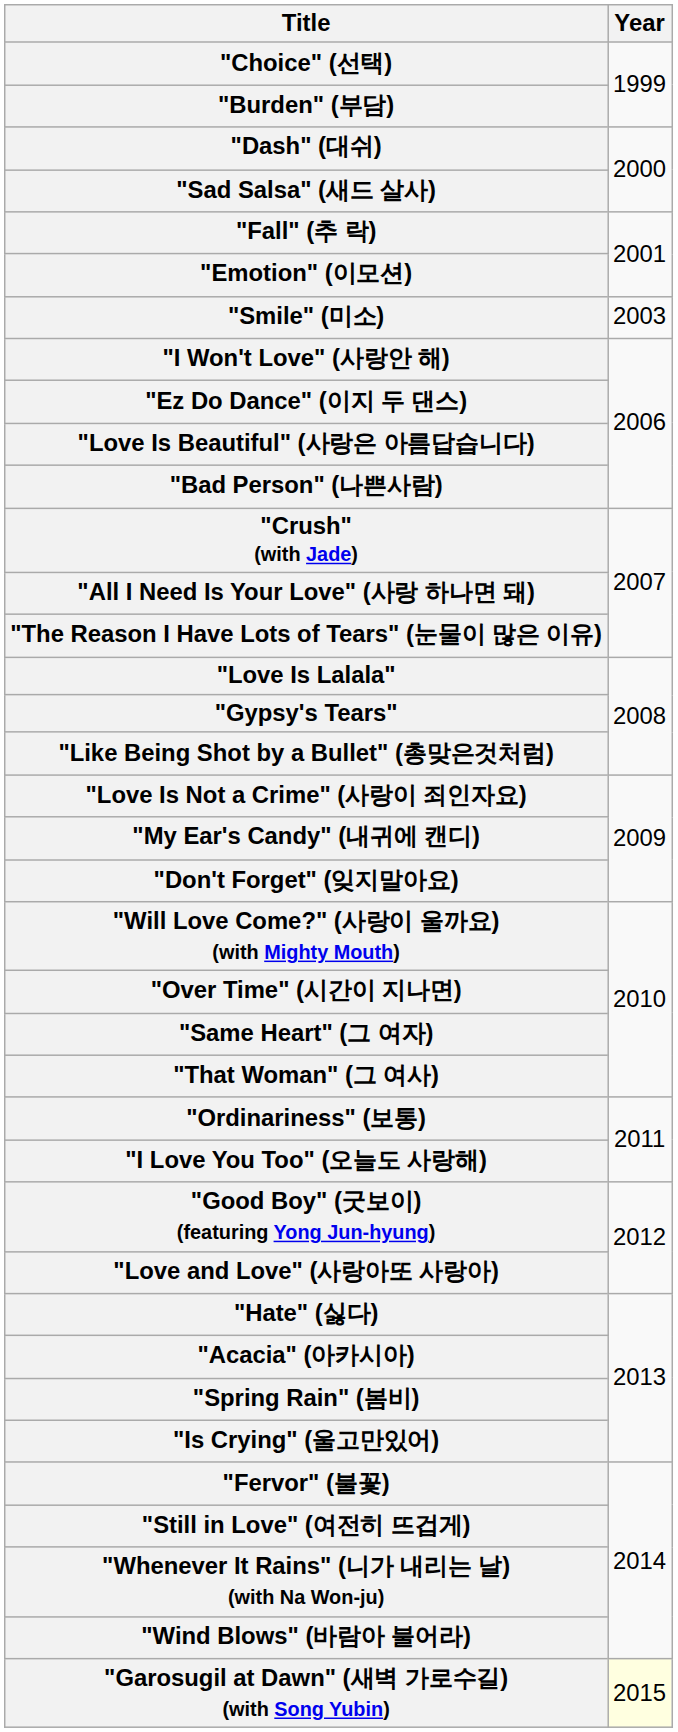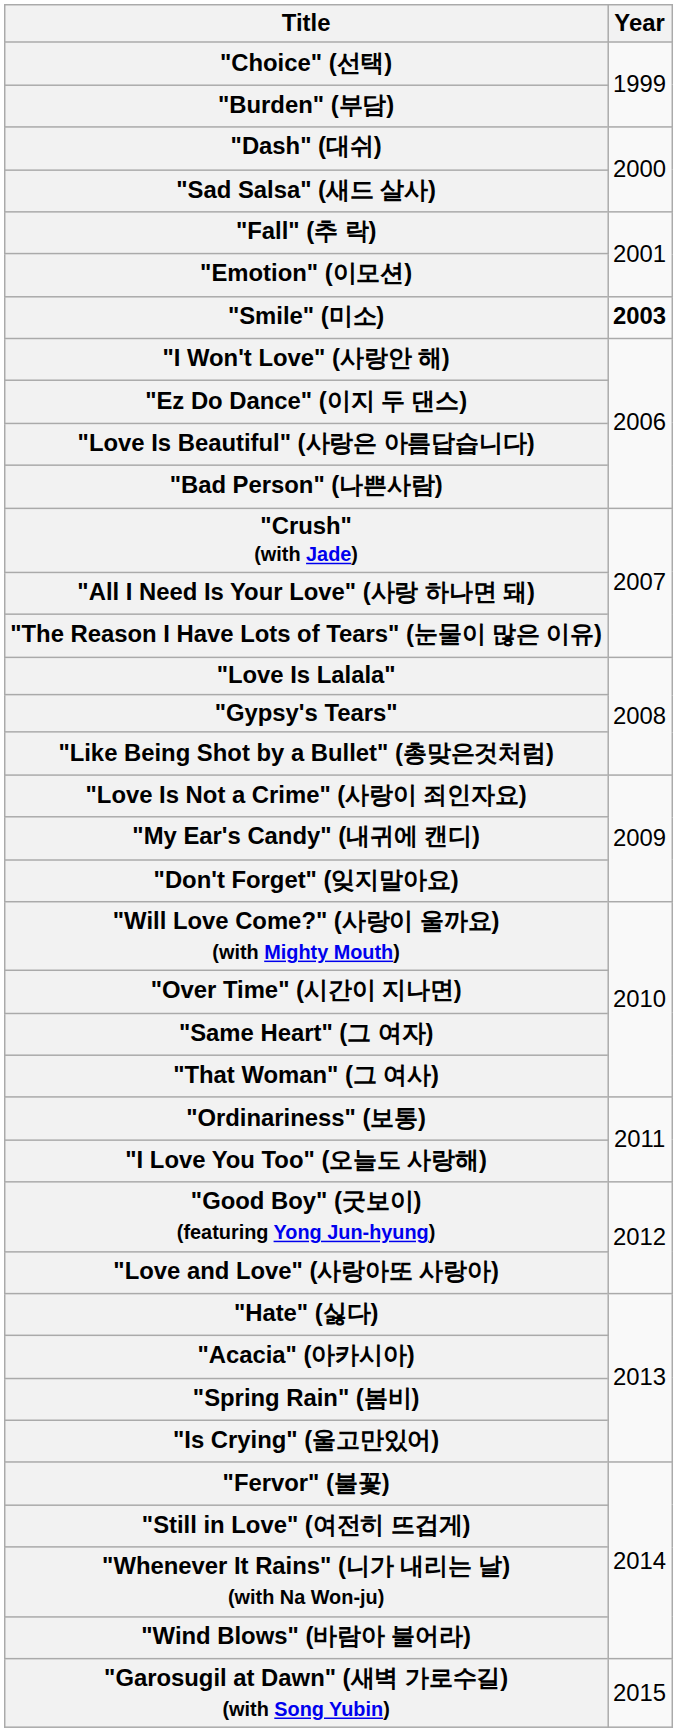 <table class="wikitable plainrowheaders" style="text-align:center;">
 <tr>
 <th scope="col">Title</th>
 <th scope="col">Year</th>
 </tr>
 <tr>
 <th scope="row">"Choice" (선택)</th>
 <td rowspan="2">1999</td>
 </tr>
 <tr>
 <th scope="row">"Burden" (부담)</th>
 </tr>
 <tr>
 <th scope="row">"Dash" (대쉬)</th>
 <td rowspan="2">2000</td>
 </tr>
 <tr>
 <th scope="row">"Sad Salsa" (새드 살사)</th>
 </tr>
 <tr>
 <th scope="row">"Fall" (추 락)</th>
 <td rowspan="2">2001</td>
 </tr>
 <tr>
 <th scope="row">"Emotion" (이모션)</th>
 </tr>
 <tr>
 <th scope="row">"Smile" (미소)</th>
-<td>2003</td>
+<td><strong>2003</strong></td>
 </tr>
 <tr>
 <th scope="row">"I Won't Love" (사랑안 해)</th>
 <td rowspan="4">2006</td>
 </tr>
 <tr>
 <th scope="row">"Ez Do Dance" (이지 두 댄스)</th>
 </tr>
 <tr>
 <th scope="row">"Love Is Beautiful" (사랑은 아름답습니다)</th>
 </tr>
 <tr>
 <th scope="row">"Bad Person" (나쁜사람)</th>
 </tr>
 <tr>
 <th scope="row">"Crush"<br><small>(with <a href='#'>Jade</a>)</small></th>
 <td rowspan="3">2007</td>
 </tr>
 <tr>
 <th scope="row">"All I Need Is Your Love" (사랑 하나면 돼)</th>
 </tr>
 <tr>
 <th scope="row">"The Reason I Have Lots of Tears" (눈물이 많은 이유)</th>
 </tr>
 <tr>
 <th scope="row">"Love Is Lalala"</th>
 <td rowspan="3">2008</td>
 </tr>
 <tr>
 <th scope="row">"Gypsy's Tears"</th>
 </tr>
 <tr>
 <th scope="row">"Like Being Shot by a Bullet" (총맞은것처럼)</th>
 </tr>
 <tr>
 <th scope="row">"Love Is Not a Crime" (사랑이 죄인자요)</th>
 <td rowspan="3">2009</td>
 </tr>
 <tr>
 <th scope="row">"My Ear's Candy" (내귀에 캔디)</th>
 </tr>
 <tr>
 <th scope="row">"Don't Forget" (잊지말아요)</th>
 </tr>
 <tr>
 <th scope="row">"Will Love Come?" (사랑이 울까요)<br><small>(with <a href='#'>Mighty Mouth</a>)</small></th>
 <td rowspan="4">2010</td>
 </tr>
 <tr>
 <th scope="row">"Over Time" (시간이 지나면)</th>
 </tr>
 <tr>
 <th scope="row">"Same Heart" (그 여자)</th>
 </tr>
 <tr>
 <th scope="row">"That Woman" (그 여사)</th>
 </tr>
 <tr>
 <th scope="row">"Ordinariness" (보통)</th>
 <td rowspan="2">2011</td>
 </tr>
 <tr>
 <th scope="row">"I Love You Too" (오늘도 사랑해)</th>
 </tr>
 <tr>
 <th scope="row">"Good Boy" (굿보이)<br><small>(featuring <a href='#'>Yong Jun-hyung</a>)</small></th>
 <td rowspan="2">2012</td>
 </tr>
 <tr>
 <th scope="row">"Love and Love" (사랑아또 사랑아)</th>
 </tr>
 <tr>
 <th scope="row">"Hate" (싫다)</th>
 <td rowspan="4">2013</td>
 </tr>
 <tr>
 <th scope="row">"Acacia" (아카시아)</th>
 </tr>
 <tr>
 <th scope="row">"Spring Rain" (봄비)</th>
 </tr>
 <tr>
 <th scope="row">"Is Crying" (울고만있어)</th>
 </tr>
 <tr>
 <th scope="row">"Fervor" (불꽃)</th>
 <td rowspan="4">2014</td>
 </tr>
 <tr>
 <th scope="row">"Still in Love" (여전히 뜨겁게)</th>
 </tr>
 <tr>
 <th scope="row">"Whenever It Rains" (니가 내리는 날)<br><small>(with Na Won-ju)</small></th>
 </tr>
 <tr>
 <th scope="row">"Wind Blows" (바람아 불어라)</th>
 </tr>
 <tr>
 <th scope="row">"Garosugil at Dawn" (새벽 가로수길)<br><small>(with <a href='#'>Song Yubin</a>)</small></th>
-<td style="background: lightyellow;">2015</td>
+<td>2015</td>
 </tr>
 </table>
